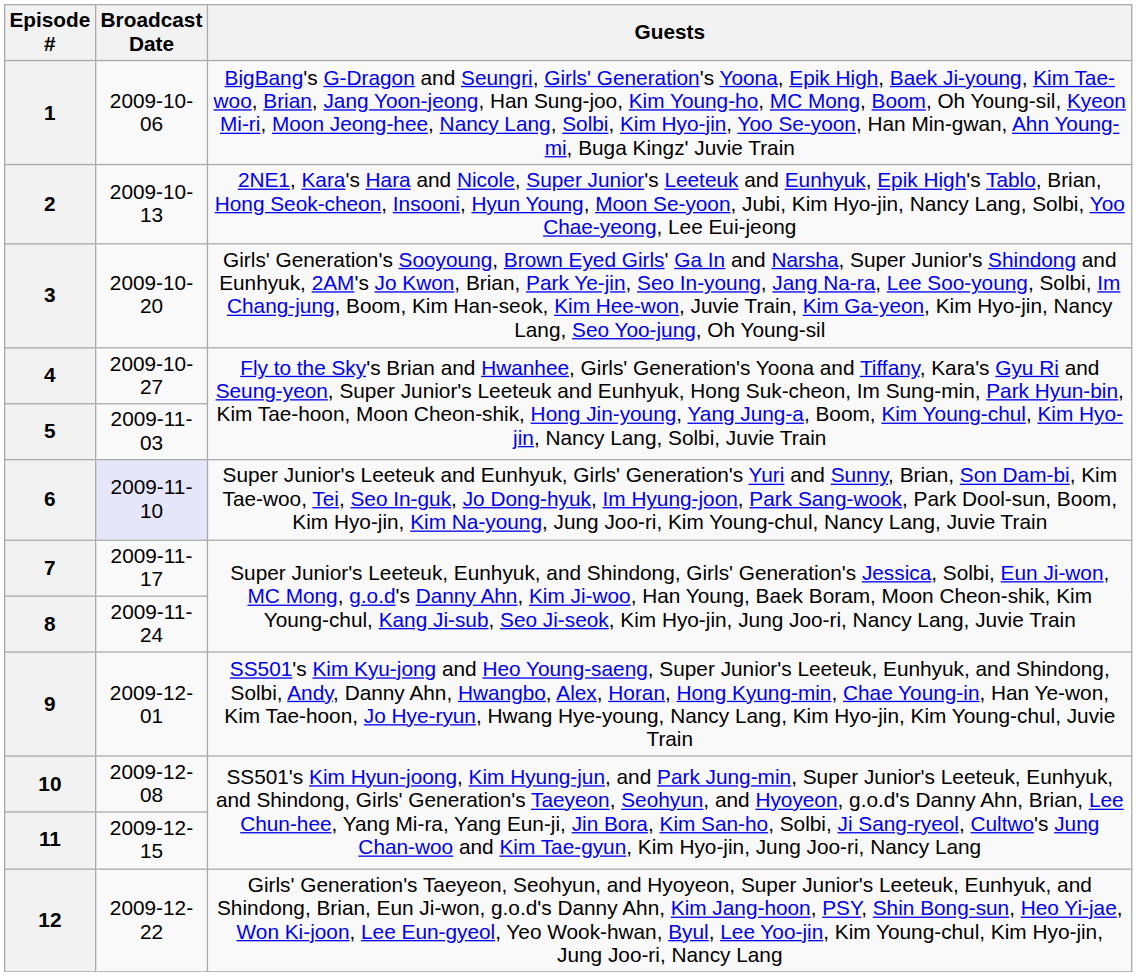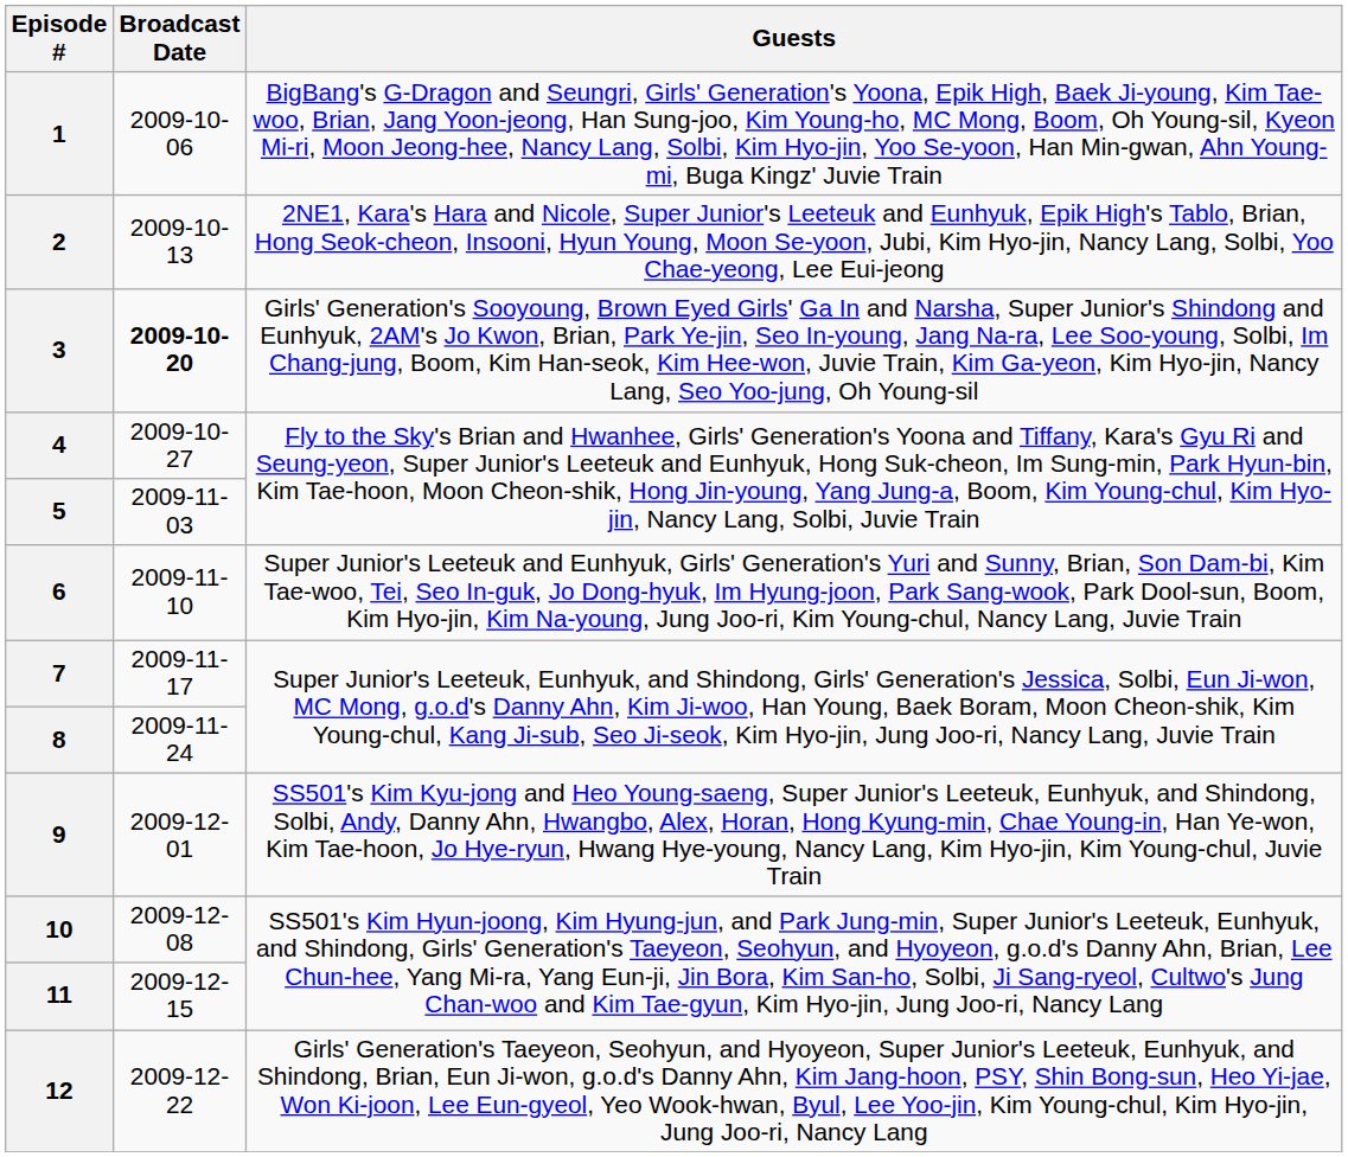 <table class="wikitable" style="text-align: center;">
 <tr>
 <th style="width:5%;">Episode #</th>
 <th style="width:10%;">Broadcast Date</th>
 <th style="width:300%;">Guests</th>
 </tr>
 <tr>
 <th>1</th>
 <td>2009-10-06</td>
 <td><a href='#'>BigBang</a>'s <a href='#'>G-Dragon</a> and <a href='#'>Seungri</a>, <a href='#'>Girls' Generation</a>'s <a href='#'>Yoona</a>, <a href='#'>Epik High</a>, <a href='#'>Baek Ji-young</a>, <a href='#'>Kim Tae-woo</a>, <a href='#'>Brian</a>, <a href='#'>Jang Yoon-jeong</a>, Han Sung-joo, <a href='#'>Kim Young-ho</a>, <a href='#'>MC Mong</a>, <a href='#'>Boom</a>, Oh Young-sil, <a href='#'>Kyeon Mi-ri</a>, <a href='#'>Moon Jeong-hee</a>, <a href='#'>Nancy Lang</a>, <a href='#'>Solbi</a>, <a href='#'>Kim Hyo-jin</a>, <a href='#'>Yoo Se-yoon</a>, Han Min-gwan, <a href='#'>Ahn Young-mi</a>, Buga Kingz' Juvie Train</td>
 </tr>
 <tr>
 <th>2</th>
 <td>2009-10-13</td>
 <td><a href='#'>2NE1</a>, <a href='#'>Kara</a>'s <a href='#'>Hara</a> and <a href='#'>Nicole</a>, <a href='#'>Super Junior</a>'s <a href='#'>Leeteuk</a> and <a href='#'>Eunhyuk</a>, <a href='#'>Epik High</a>'s <a href='#'>Tablo</a>, Brian, <a href='#'>Hong Seok-cheon</a>, <a href='#'>Insooni</a>, <a href='#'>Hyun Young</a>, <a href='#'>Moon Se-yoon</a>, Jubi, Kim Hyo-jin, Nancy Lang, Solbi, <a href='#'>Yoo Chae-yeong</a>, Lee Eui-jeong</td>
 </tr>
 <tr>
 <th>3</th>
-<td>2009-10-20</td>
+<td><strong>2009-10-20</strong></td>
 <td>Girls' Generation's <a href='#'>Sooyoung</a>, <a href='#'>Brown Eyed Girls</a>' <a href='#'>Ga In</a> and <a href='#'>Narsha</a>, Super Junior's <a href='#'>Shindong</a> and Eunhyuk, <a href='#'>2AM</a>'s <a href='#'>Jo Kwon</a>, Brian, <a href='#'>Park Ye-jin</a>, <a href='#'>Seo In-young</a>, <a href='#'>Jang Na-ra</a>, <a href='#'>Lee Soo-young</a>, Solbi, <a href='#'>Im Chang-jung</a>, Boom, Kim Han-seok, <a href='#'>Kim Hee-won</a>, Juvie Train, <a href='#'>Kim Ga-yeon</a>, Kim Hyo-jin, Nancy Lang, <a href='#'>Seo Yoo-jung</a>, Oh Young-sil</td>
 </tr>
 <tr>
 <th>4</th>
 <td>2009-10-27</td>
 <td rowspan="2"><a href='#'>Fly to the Sky</a>'s Brian and <a href='#'>Hwanhee</a>, Girls' Generation's Yoona and <a href='#'>Tiffany</a>, Kara's <a href='#'>Gyu Ri</a> and <a href='#'>Seung-yeon</a>, Super Junior's Leeteuk and Eunhyuk, Hong Suk-cheon, Im Sung-min, <a href='#'>Park Hyun-bin</a>, Kim Tae-hoon, Moon Cheon-shik, <a href='#'>Hong Jin-young</a>, <a href='#'>Yang Jung-a</a>, Boom, <a href='#'>Kim Young-chul</a>, <a href='#'>Kim Hyo-jin</a>, Nancy Lang, Solbi, Juvie Train</td>
 </tr>
 <tr>
 <th>5</th>
 <td>2009-11-03</td>
 </tr>
 <tr>
 <th>6</th>
-<td style="background: lavender;">2009-11-10</td>
+<td>2009-11-10</td>
 <td>Super Junior's Leeteuk and Eunhyuk, Girls' Generation's <a href='#'>Yuri</a> and <a href='#'>Sunny</a>, Brian, <a href='#'>Son Dam-bi</a>, Kim Tae-woo, <a href='#'>Tei</a>, <a href='#'>Seo In-guk</a>, <a href='#'>Jo Dong-hyuk</a>, <a href='#'>Im Hyung-joon</a>, <a href='#'>Park Sang-wook</a>, Park Dool-sun, Boom, Kim Hyo-jin, <a href='#'>Kim Na-young</a>, Jung Joo-ri, Kim Young-chul, Nancy Lang, Juvie Train</td>
 </tr>
 <tr>
 <th>7</th>
 <td>2009-11-17</td>
 <td rowspan="2">Super Junior's Leeteuk, Eunhyuk, and Shindong, Girls' Generation's <a href='#'>Jessica</a>, Solbi, <a href='#'>Eun Ji-won</a>, <a href='#'>MC Mong</a>, <a href='#'>g.o.d</a>'s <a href='#'>Danny Ahn</a>, <a href='#'>Kim Ji-woo</a>, Han Young, Baek Boram, Moon Cheon-shik, Kim Young-chul, <a href='#'>Kang Ji-sub</a>, <a href='#'>Seo Ji-seok</a>, Kim Hyo-jin, Jung Joo-ri, Nancy Lang, Juvie Train</td>
 </tr>
 <tr>
 <th>8</th>
 <td>2009-11-24</td>
 </tr>
 <tr>
 <th>9</th>
 <td>2009-12-01</td>
 <td><a href='#'>SS501</a>'s <a href='#'>Kim Kyu-jong</a> and <a href='#'>Heo Young-saeng</a>, Super Junior's Leeteuk, Eunhyuk, and Shindong, Solbi, <a href='#'>Andy</a>, Danny Ahn, <a href='#'>Hwangbo</a>, <a href='#'>Alex</a>, <a href='#'>Horan</a>, <a href='#'>Hong Kyung-min</a>, <a href='#'>Chae Young-in</a>, Han Ye-won, Kim Tae-hoon, <a href='#'>Jo Hye-ryun</a>, Hwang Hye-young, Nancy Lang, Kim Hyo-jin, Kim Young-chul, Juvie Train</td>
 </tr>
 <tr>
 <th>10</th>
 <td>2009-12-08</td>
 <td rowspan="2">SS501's <a href='#'>Kim Hyun-joong</a>, <a href='#'>Kim Hyung-jun</a>, and <a href='#'>Park Jung-min</a>, Super Junior's Leeteuk, Eunhyuk, and Shindong, Girls' Generation's <a href='#'>Taeyeon</a>, <a href='#'>Seohyun</a>, and <a href='#'>Hyoyeon</a>, g.o.d's Danny Ahn, Brian, <a href='#'>Lee Chun-hee</a>, Yang Mi-ra, Yang Eun-ji, <a href='#'>Jin Bora</a>, <a href='#'>Kim San-ho</a>, Solbi, <a href='#'>Ji Sang-ryeol</a>, <a href='#'>Cultwo</a>'s <a href='#'>Jung Chan-woo</a> and <a href='#'>Kim Tae-gyun</a>, Kim Hyo-jin, Jung Joo-ri, Nancy Lang</td>
 </tr>
 <tr>
 <th>11</th>
 <td>2009-12-15</td>
 </tr>
 <tr>
 <th>12</th>
 <td>2009-12-22</td>
 <td>Girls' Generation's Taeyeon, Seohyun, and Hyoyeon, Super Junior's Leeteuk, Eunhyuk, and Shindong, Brian, Eun Ji-won, g.o.d's Danny Ahn, <a href='#'>Kim Jang-hoon</a>, <a href='#'>PSY</a>, <a href='#'>Shin Bong-sun</a>, <a href='#'>Heo Yi-jae</a>, <a href='#'>Won Ki-joon</a>, <a href='#'>Lee Eun-gyeol</a>, Yeo Wook-hwan, <a href='#'>Byul</a>, <a href='#'>Lee Yoo-jin</a>, Kim Young-chul, Kim Hyo-jin, Jung Joo-ri, Nancy Lang</td>
 </tr>
 </table>
